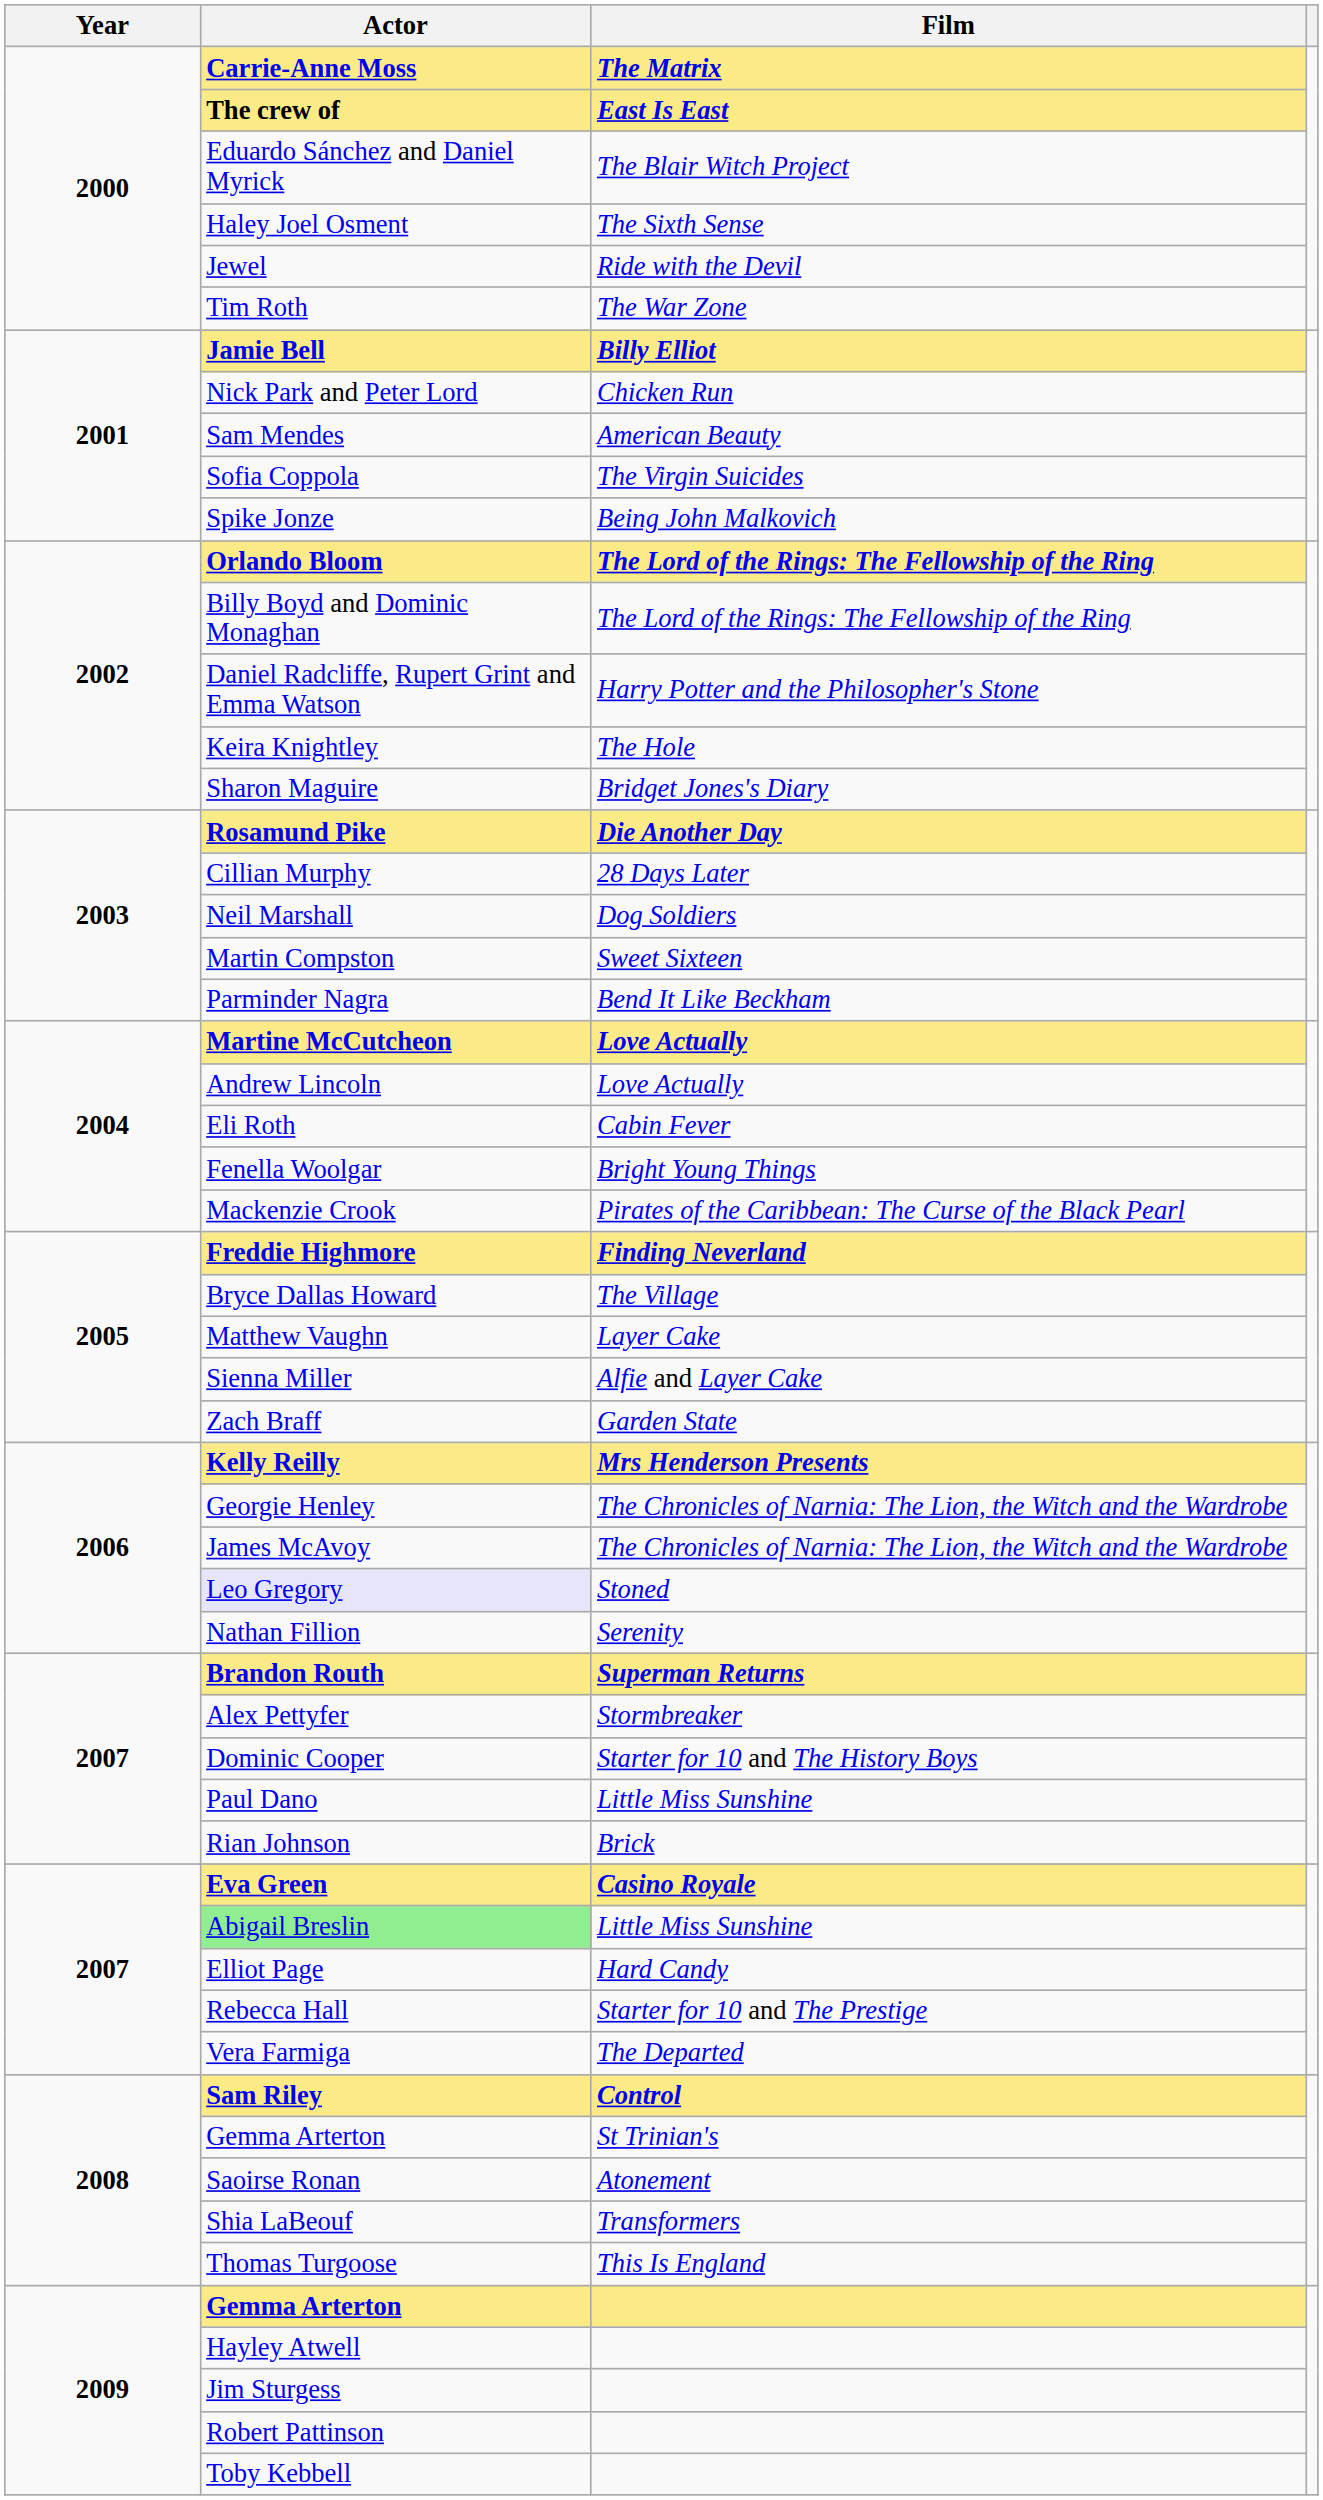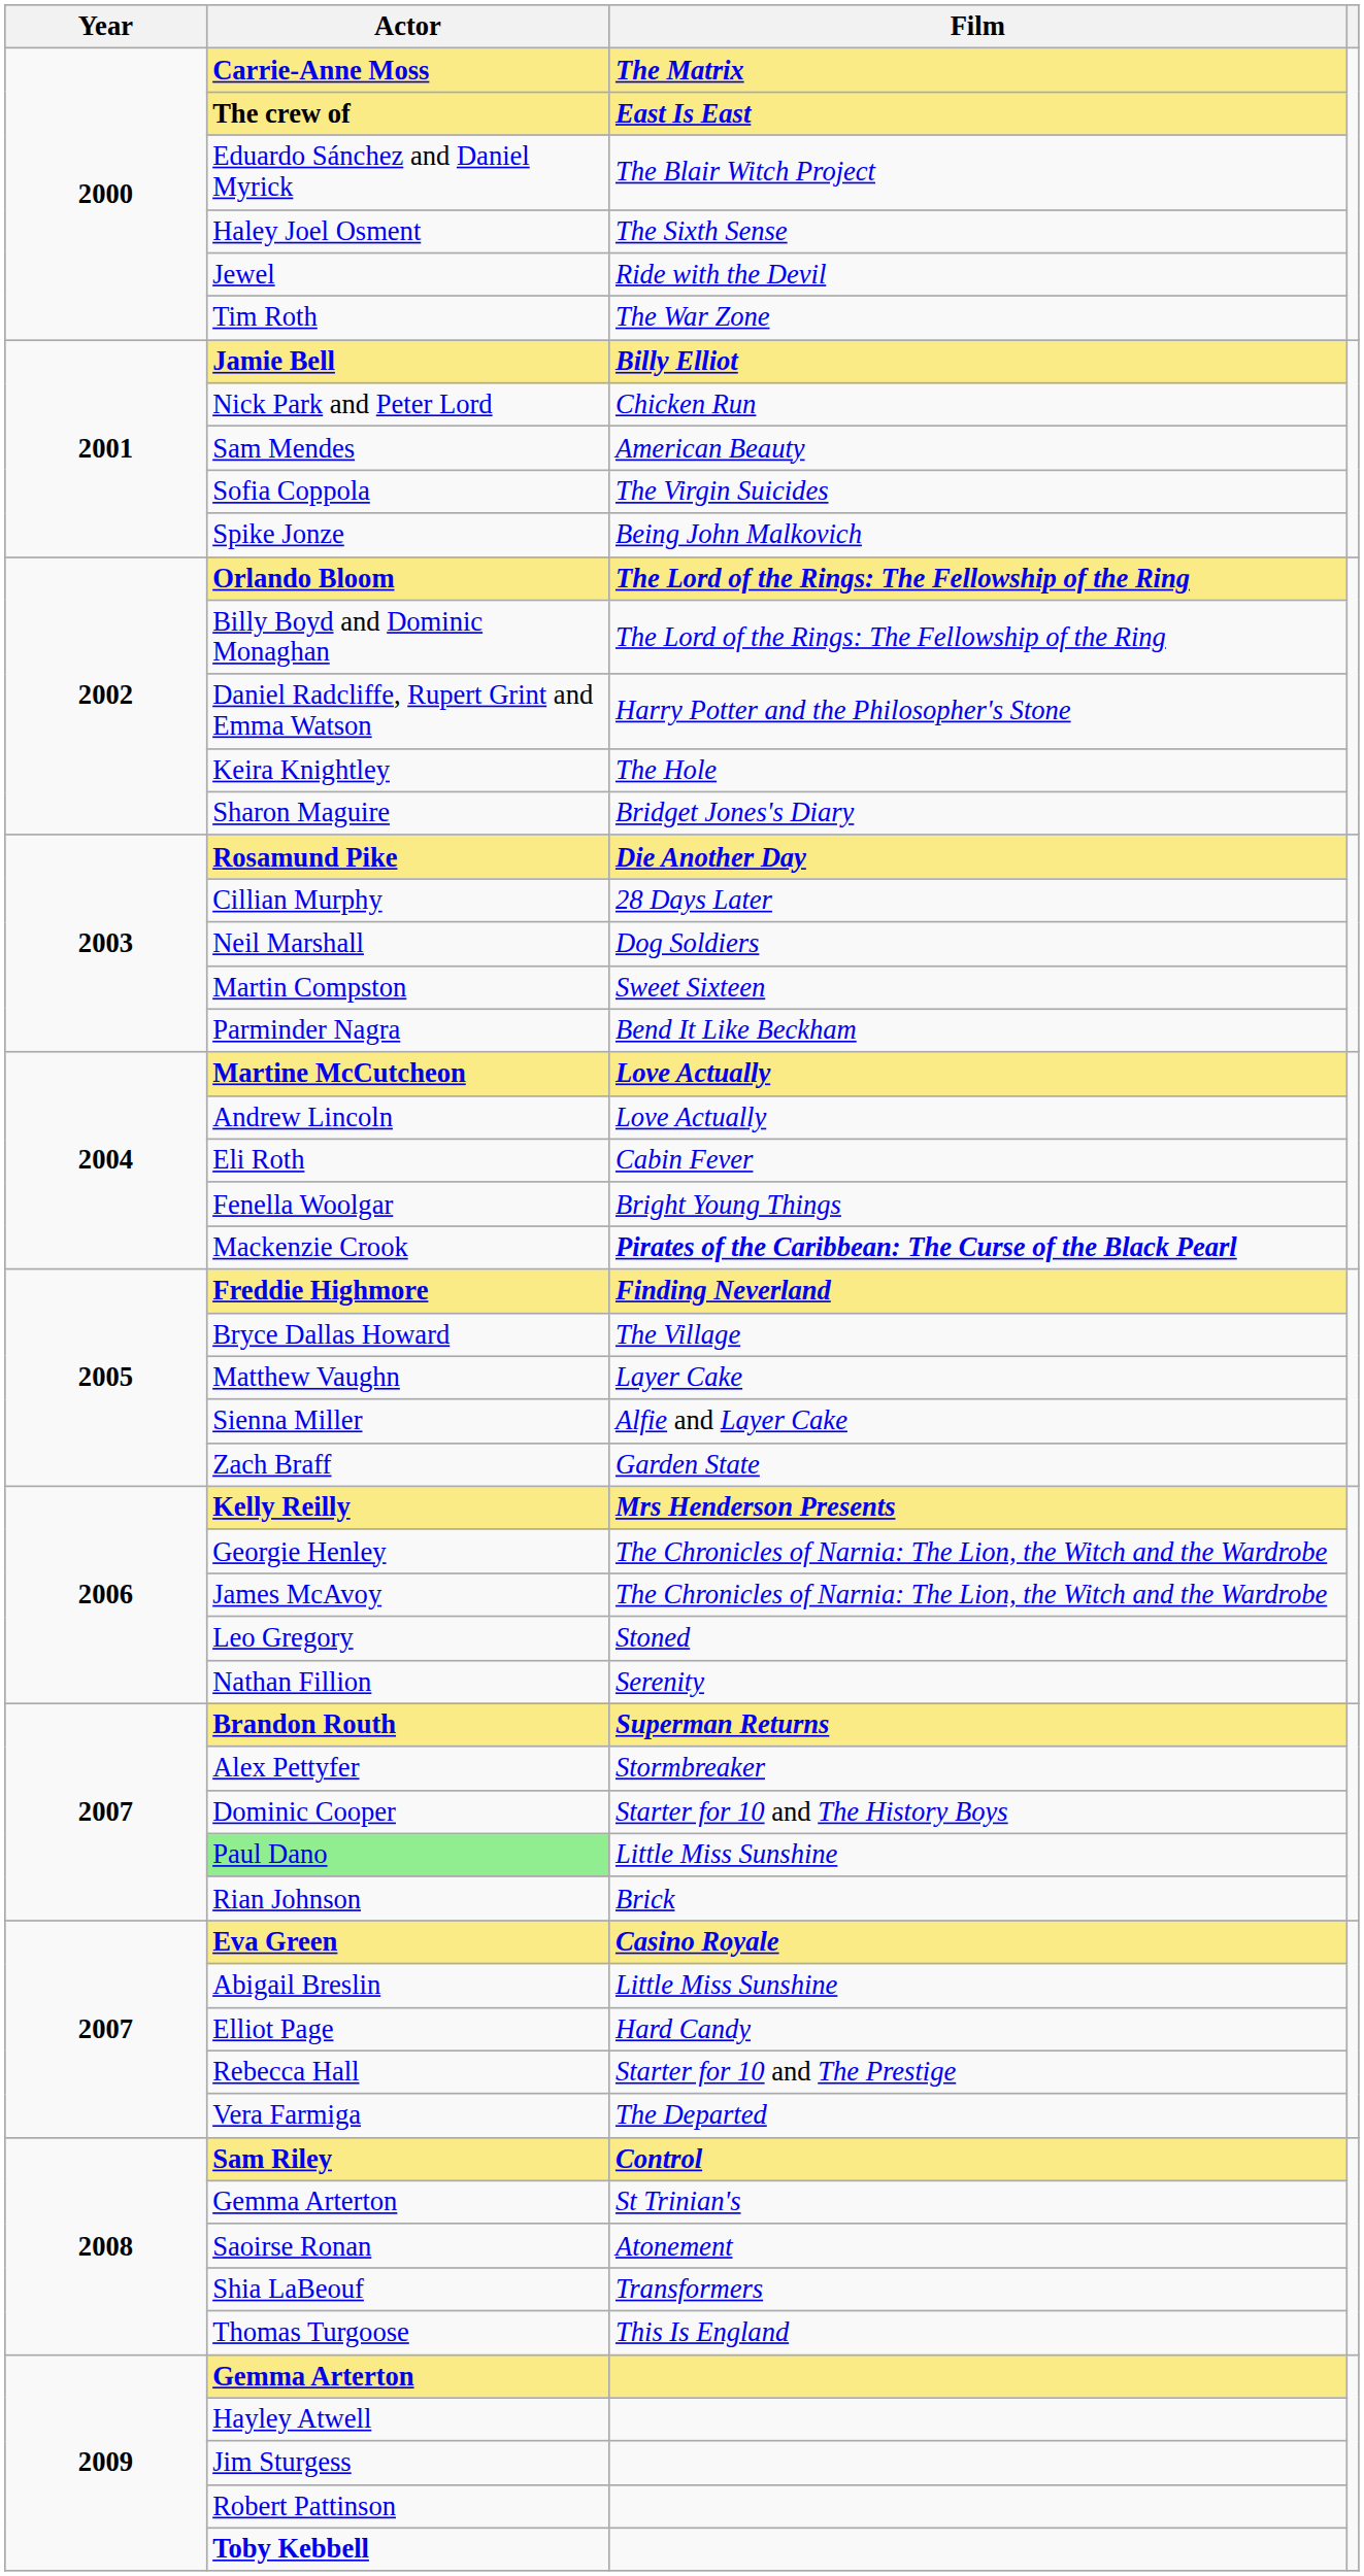 <table class="wikitable" width="50%">
 <tr>
 <th width="15%">Year</th>
 <th width="30%">Actor</th>
 <th width="60%">Film</th>
 <th width="2%"></th>
 </tr>
 <tr>
 <td rowspan="6" style="text-align:center"><strong>2000<br> </strong></td>
 <td style="background:#FAEB86"><strong><a href='#'>Carrie-Anne Moss</a></strong></td>
 <td style="background:#FAEB86"><strong><em><a href='#'>The Matrix</a></em></strong></td>
 <td rowspan="6" style="text-align:center"></td>
 </tr>
 <tr>
 <td style="background:#FAEB86"><strong>The crew of</strong></td>
 <td style="background:#FAEB86"><strong><em><a href='#'>East Is East</a></em></strong></td>
 </tr>
 <tr>
 <td><a href='#'>Eduardo Sánchez</a> and <a href='#'>Daniel Myrick</a></td>
 <td><em><a href='#'>The Blair Witch Project</a></em></td>
 </tr>
 <tr>
 <td><a href='#'>Haley Joel Osment</a></td>
 <td><em><a href='#'>The Sixth Sense</a></em></td>
 </tr>
 <tr>
 <td><a href='#'>Jewel</a></td>
 <td><em><a href='#'>Ride with the Devil</a></em></td>
 </tr>
 <tr>
 <td><a href='#'>Tim Roth</a></td>
 <td><em><a href='#'>The War Zone</a></em></td>
 </tr>
 <tr>
 <td rowspan="5" style="text-align:center"><strong>2001<br> </strong></td>
 <td style="background:#FAEB86"><strong><a href='#'>Jamie Bell</a></strong></td>
 <td style="background:#FAEB86"><strong><em><a href='#'>Billy Elliot</a></em></strong></td>
 <td rowspan="5" style="text-align:center"></td>
 </tr>
 <tr>
 <td><a href='#'>Nick Park</a> and <a href='#'>Peter Lord</a></td>
 <td><em><a href='#'>Chicken Run</a></em></td>
 </tr>
 <tr>
 <td><a href='#'>Sam Mendes</a></td>
 <td><em><a href='#'>American Beauty</a></em></td>
 </tr>
 <tr>
 <td><a href='#'>Sofia Coppola</a></td>
 <td><em><a href='#'>The Virgin Suicides</a></em></td>
 </tr>
 <tr>
 <td><a href='#'>Spike Jonze</a></td>
 <td><em><a href='#'>Being John Malkovich</a></em></td>
 </tr>
 <tr>
 <td rowspan="5" style="text-align:center"><strong>2002<br> </strong></td>
 <td style="background:#FAEB86"><strong><a href='#'>Orlando Bloom</a></strong></td>
 <td style="background:#FAEB86"><strong><em><a href='#'>The Lord of the Rings: The Fellowship of the Ring</a></em></strong></td>
 <td rowspan="5" style="text-align:center"></td>
 </tr>
 <tr>
 <td><a href='#'>Billy Boyd</a> and <a href='#'>Dominic Monaghan</a></td>
 <td><em><a href='#'>The Lord of the Rings: The Fellowship of the Ring</a></em></td>
 </tr>
 <tr>
 <td><a href='#'>Daniel Radcliffe</a>, <a href='#'>Rupert Grint</a> and <a href='#'>Emma Watson</a></td>
 <td><em><a href='#'>Harry Potter and the Philosopher's Stone</a></em></td>
 </tr>
 <tr>
 <td><a href='#'>Keira Knightley</a></td>
 <td><em><a href='#'>The Hole</a></em></td>
 </tr>
 <tr>
 <td><a href='#'>Sharon Maguire</a></td>
 <td><em><a href='#'>Bridget Jones's Diary</a></em></td>
 </tr>
 <tr>
 <td rowspan="5" style="text-align:center"><strong>2003<br> </strong></td>
 <td style="background:#FAEB86"><strong><a href='#'>Rosamund Pike</a></strong></td>
 <td style="background:#FAEB86"><strong><em><a href='#'>Die Another Day</a></em></strong></td>
 <td rowspan="5" style="text-align:center"></td>
 </tr>
 <tr>
 <td><a href='#'>Cillian Murphy</a></td>
 <td><em><a href='#'>28 Days Later</a></em></td>
 </tr>
 <tr>
 <td><a href='#'>Neil Marshall</a></td>
 <td><em><a href='#'>Dog Soldiers</a></em></td>
 </tr>
 <tr>
 <td><a href='#'>Martin Compston</a></td>
 <td><em><a href='#'>Sweet Sixteen</a></em></td>
 </tr>
 <tr>
 <td><a href='#'>Parminder Nagra</a></td>
 <td><em><a href='#'>Bend It Like Beckham</a></em></td>
 </tr>
 <tr>
 <td rowspan="5" style="text-align:center"><strong>2004<br> </strong></td>
 <td style="background:#FAEB86"><strong><a href='#'>Martine McCutcheon</a></strong></td>
 <td style="background:#FAEB86"><strong><em><a href='#'>Love Actually</a></em></strong></td>
 <td rowspan="5" style="text-align:center"></td>
 </tr>
 <tr>
 <td><a href='#'>Andrew Lincoln</a></td>
 <td><em><a href='#'>Love Actually</a></em></td>
 </tr>
 <tr>
 <td><a href='#'>Eli Roth</a></td>
 <td><em><a href='#'>Cabin Fever</a></em></td>
 </tr>
 <tr>
 <td><a href='#'>Fenella Woolgar</a></td>
 <td><em><a href='#'>Bright Young Things</a></em></td>
 </tr>
 <tr>
 <td><a href='#'>Mackenzie Crook</a></td>
-<td><em><a href='#'>Pirates of the Caribbean: The Curse of the Black Pearl</a></em></td>
+<td><strong><em><a href='#'>Pirates of the Caribbean: The Curse of the Black Pearl</a></em></strong></td>
 </tr>
 <tr>
 <td rowspan="5" style="text-align:center"><strong>2005<br> </strong></td>
 <td style="background:#FAEB86"><strong><a href='#'>Freddie Highmore</a></strong></td>
 <td style="background:#FAEB86"><strong><em><a href='#'>Finding Neverland</a></em></strong></td>
 <td rowspan="5" style="text-align:center"></td>
 </tr>
 <tr>
 <td><a href='#'>Bryce Dallas Howard</a></td>
 <td><em><a href='#'>The Village</a></em></td>
 </tr>
 <tr>
 <td><a href='#'>Matthew Vaughn</a></td>
 <td><em><a href='#'>Layer Cake</a></em></td>
 </tr>
 <tr>
 <td><a href='#'>Sienna Miller</a></td>
 <td><em><a href='#'>Alfie</a></em> and <em><a href='#'>Layer Cake</a></em></td>
 </tr>
 <tr>
 <td><a href='#'>Zach Braff</a></td>
 <td><em><a href='#'>Garden State</a></em></td>
 </tr>
 <tr>
 <td rowspan="5" style="text-align:center"><strong>2006<br> </strong></td>
 <td style="background:#FAEB86"><strong><a href='#'>Kelly Reilly</a></strong></td>
 <td style="background:#FAEB86"><strong><em><a href='#'>Mrs Henderson Presents</a></em></strong></td>
 <td rowspan="5" style="text-align:center"></td>
 </tr>
 <tr>
 <td><a href='#'>Georgie Henley</a></td>
 <td><em><a href='#'>The Chronicles of Narnia: The Lion, the Witch and the Wardrobe</a></em></td>
 </tr>
 <tr>
 <td><a href='#'>James McAvoy</a></td>
 <td><em><a href='#'>The Chronicles of Narnia: The Lion, the Witch and the Wardrobe</a></em></td>
 </tr>
 <tr>
-<td style="background: lavender;"><a href='#'>Leo Gregory</a></td>
+<td><a href='#'>Leo Gregory</a></td>
 <td><em><a href='#'>Stoned</a></em></td>
 </tr>
 <tr>
 <td><a href='#'>Nathan Fillion</a></td>
 <td><em><a href='#'>Serenity</a></em></td>
 </tr>
 <tr>
 <td rowspan="5" style="text-align:center"><strong>2007<br> </strong></td>
 <td style="background:#FAEB86"><strong><a href='#'>Brandon Routh</a></strong></td>
 <td style="background:#FAEB86"><strong><em><a href='#'>Superman Returns</a></em></strong></td>
 <td rowspan="5" style="text-align:center"></td>
 </tr>
 <tr>
 <td><a href='#'>Alex Pettyfer</a></td>
 <td><em><a href='#'>Stormbreaker</a></em></td>
 </tr>
 <tr>
 <td><a href='#'>Dominic Cooper</a></td>
 <td><em><a href='#'>Starter for 10</a></em> and <em><a href='#'>The History Boys</a></em></td>
 </tr>
 <tr>
-<td><a href='#'>Paul Dano</a></td>
+<td style="background: lightgreen;"><a href='#'>Paul Dano</a></td>
 <td><em><a href='#'>Little Miss Sunshine</a></em></td>
 </tr>
 <tr>
 <td><a href='#'>Rian Johnson</a></td>
 <td><em><a href='#'>Brick</a></em></td>
 </tr>
 <tr>
 <td rowspan="5" style="text-align:center"><strong>2007<br> </strong></td>
 <td style="background:#FAEB86"><strong><a href='#'>Eva Green</a></strong></td>
 <td style="background:#FAEB86"><strong><em><a href='#'>Casino Royale</a></em></strong></td>
 <td rowspan="5" style="text-align:center"></td>
 </tr>
 <tr>
-<td style="background: lightgreen;"><a href='#'>Abigail Breslin</a></td>
+<td><a href='#'>Abigail Breslin</a></td>
 <td><em><a href='#'>Little Miss Sunshine</a></em></td>
 </tr>
 <tr>
 <td><a href='#'>Elliot Page</a></td>
 <td><em><a href='#'>Hard Candy</a></em></td>
 </tr>
 <tr>
 <td><a href='#'>Rebecca Hall</a></td>
 <td><em><a href='#'>Starter for 10</a></em> and <em><a href='#'>The Prestige</a></em></td>
 </tr>
 <tr>
 <td><a href='#'>Vera Farmiga</a></td>
 <td><em><a href='#'>The Departed</a></em></td>
 </tr>
 <tr>
 <td rowspan="5" style="text-align:center"><strong>2008<br> </strong></td>
 <td style="background:#FAEB86"><strong><a href='#'>Sam Riley</a></strong></td>
 <td style="background:#FAEB86"><strong><em><a href='#'>Control</a></em></strong></td>
 <td rowspan="5" style="text-align:center"></td>
 </tr>
 <tr>
 <td><a href='#'>Gemma Arterton</a></td>
 <td><em><a href='#'>St Trinian's</a></em></td>
 </tr>
 <tr>
 <td><a href='#'>Saoirse Ronan</a></td>
 <td><em><a href='#'>Atonement</a></em></td>
 </tr>
 <tr>
 <td><a href='#'>Shia LaBeouf</a></td>
 <td><em><a href='#'>Transformers</a></em></td>
 </tr>
 <tr>
 <td><a href='#'>Thomas Turgoose</a></td>
 <td><em><a href='#'>This Is England</a></em></td>
 </tr>
 <tr>
 <td rowspan="5" style="text-align:center"><strong>2009<br> </strong></td>
 <td style="background:#FAEB86"><strong><a href='#'>Gemma Arterton</a></strong></td>
 <td style="background:#FAEB86"></td>
 <td rowspan="5" style="text-align:center"></td>
 </tr>
 <tr>
 <td><a href='#'>Hayley Atwell</a></td>
 <td></td>
 </tr>
 <tr>
 <td><a href='#'>Jim Sturgess</a></td>
 <td></td>
 </tr>
 <tr>
 <td><a href='#'>Robert Pattinson</a></td>
 <td></td>
 </tr>
 <tr>
-<td><a href='#'>Toby Kebbell</a></td>
+<td><strong><a href='#'>Toby Kebbell</a></strong></td>
 <td></td>
 </tr>
 </table>
